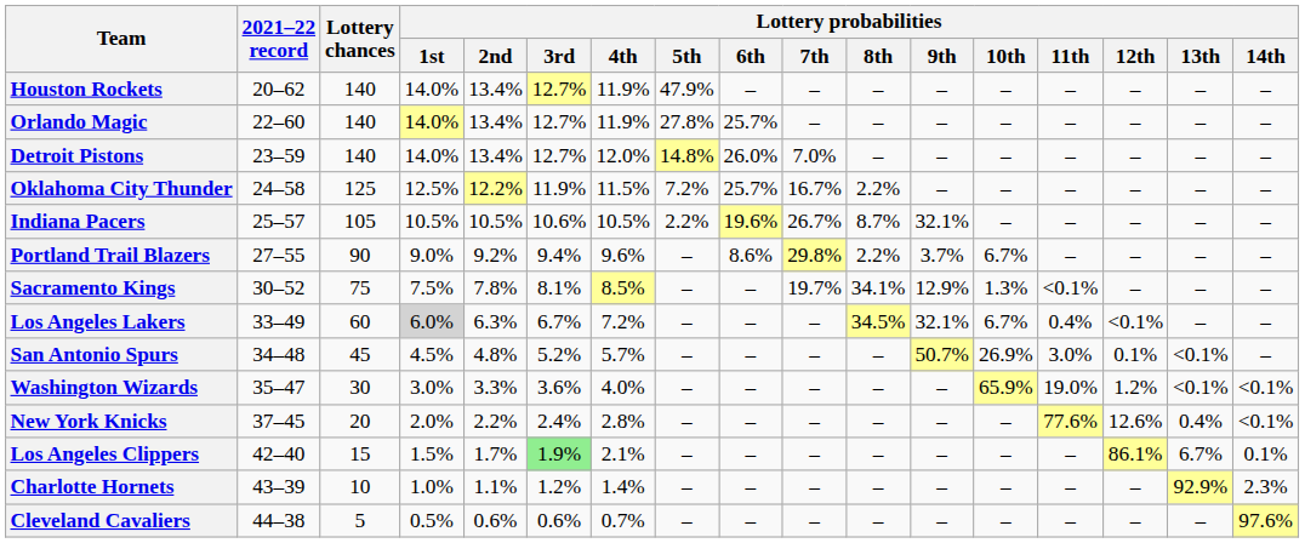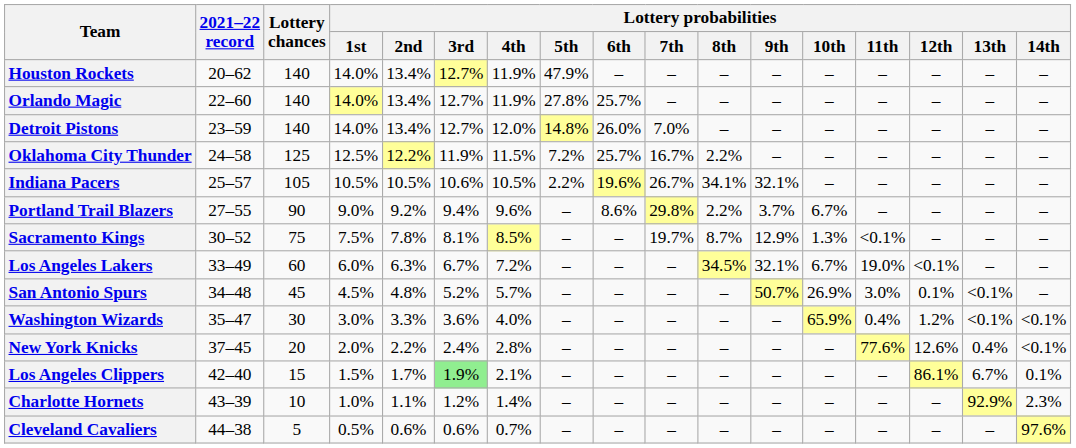 <table class="wikitable plainrowheaders" style="text-align:center">
 <tr>
 <th scope="col" rowspan="2">Team</th>
 <th scope="col" rowspan="2"><a href='#'>2021–22<br>record</a></th>
 <th scope="col" rowspan="2">Lottery<br>chances</th>
 <th scope="col" colspan="14">Lottery probabilities</th>
 </tr>
 <tr>
 <th>1st</th>
 <th>2nd</th>
 <th>3rd</th>
 <th>4th</th>
 <th>5th</th>
 <th>6th</th>
 <th>7th</th>
 <th>8th</th>
 <th>9th</th>
 <th>10th</th>
 <th>11th</th>
 <th>12th</th>
 <th>13th</th>
 <th>14th</th>
 </tr>
 <tr>
 <th scope="row" style="text-align:left;"><a href='#'>Houston Rockets</a></th>
 <td>20–62</td>
 <td>140</td>
 <td>14.0%</td>
 <td>13.4%</td>
 <td style="background:#ff9;">12.7%</td>
 <td>11.9%</td>
 <td>47.9%</td>
 <td>–</td>
 <td>–</td>
 <td>–</td>
 <td>–</td>
 <td>–</td>
 <td>–</td>
 <td>–</td>
 <td>–</td>
 <td>–</td>
 </tr>
 <tr>
 <th scope="row" style="text-align:left;"><a href='#'>Orlando Magic</a></th>
 <td>22–60</td>
 <td>140</td>
 <td style="background:#ff9;">14.0%</td>
 <td>13.4%</td>
 <td>12.7%</td>
 <td>11.9%</td>
 <td>27.8%</td>
 <td>25.7%</td>
 <td>–</td>
 <td>–</td>
 <td>–</td>
 <td>–</td>
 <td>–</td>
 <td>–</td>
 <td>–</td>
 <td>–</td>
 </tr>
 <tr>
 <th scope="row" style="text-align:left;"><a href='#'>Detroit Pistons</a></th>
 <td>23–59</td>
 <td>140</td>
 <td>14.0%</td>
 <td>13.4%</td>
 <td>12.7%</td>
 <td>12.0%</td>
 <td style="background:#ff9;">14.8%</td>
 <td>26.0%</td>
 <td>7.0%</td>
 <td>–</td>
 <td>–</td>
 <td>–</td>
 <td>–</td>
 <td>–</td>
 <td>–</td>
 <td>–</td>
 </tr>
 <tr>
 <th scope="row" style="text-align:left;"><a href='#'>Oklahoma City Thunder</a></th>
 <td>24–58</td>
 <td>125</td>
 <td>12.5%</td>
 <td style="background:#ff9;">12.2%</td>
 <td>11.9%</td>
 <td>11.5%</td>
 <td>7.2%</td>
 <td>25.7%</td>
 <td>16.7%</td>
 <td>2.2%</td>
 <td>–</td>
 <td>–</td>
 <td>–</td>
 <td>–</td>
 <td>–</td>
 <td>–</td>
 </tr>
 <tr>
 <th scope="row" style="text-align:left;"><a href='#'>Indiana Pacers</a></th>
 <td>25–57</td>
 <td>105</td>
 <td>10.5%</td>
 <td>10.5%</td>
 <td>10.6%</td>
 <td>10.5%</td>
 <td>2.2%</td>
 <td style="background:#ff9;">19.6%</td>
 <td>26.7%</td>
-<td>8.7%</td>
+<td>34.1%</td>
 <td>32.1%</td>
 <td>–</td>
 <td>–</td>
 <td>–</td>
 <td>–</td>
 <td>–</td>
 </tr>
 <tr>
 <th scope="row" style="text-align:left;"><a href='#'>Portland Trail Blazers</a></th>
 <td>27–55</td>
 <td>90</td>
 <td>9.0%</td>
 <td>9.2%</td>
 <td>9.4%</td>
 <td>9.6%</td>
 <td>–</td>
 <td>8.6%</td>
 <td style="background:#ff9;">29.8%</td>
 <td>2.2%</td>
 <td>3.7%</td>
 <td>6.7%</td>
 <td>–</td>
 <td>–</td>
 <td>–</td>
 <td>–</td>
 </tr>
 <tr>
 <th scope="row" style="text-align:left;"><a href='#'>Sacramento Kings</a></th>
 <td>30–52</td>
 <td>75</td>
 <td>7.5%</td>
 <td>7.8%</td>
 <td>8.1%</td>
 <td style="background:#ff9;">8.5%</td>
 <td>–</td>
 <td>–</td>
 <td>19.7%</td>
-<td>34.1%</td>
+<td>8.7%</td>
 <td>12.9%</td>
 <td>1.3%</td>
 <td><0.1%</td>
 <td>–</td>
 <td>–</td>
 <td>–</td>
 </tr>
 <tr>
 <th scope="row" style="text-align:left;"><a href='#'>Los Angeles Lakers</a> </th>
 <td>33–49</td>
 <td>60</td>
-<td style="background: lightgrey;">6.0%</td>
+<td>6.0%</td>
 <td>6.3%</td>
 <td>6.7%</td>
 <td>7.2%</td>
 <td>–</td>
 <td>–</td>
 <td>–</td>
 <td style="background:#ff9;">34.5%</td>
 <td>32.1%</td>
 <td>6.7%</td>
-<td>0.4%</td>
+<td>19.0%</td>
 <td><0.1%</td>
 <td>–</td>
 <td>–</td>
 </tr>
 <tr>
 <th scope="row" style="text-align:left;"><a href='#'>San Antonio Spurs</a></th>
 <td>34–48</td>
 <td>45</td>
 <td>4.5%</td>
 <td>4.8%</td>
 <td>5.2%</td>
 <td>5.7%</td>
 <td>–</td>
 <td>–</td>
 <td>–</td>
 <td>–</td>
 <td style="background:#ff9;">50.7%</td>
 <td>26.9%</td>
 <td>3.0%</td>
 <td>0.1%</td>
 <td><0.1%</td>
 <td>–</td>
 </tr>
 <tr>
 <th scope="row" style="text-align:left;"><a href='#'>Washington Wizards</a></th>
 <td>35–47</td>
 <td>30</td>
 <td>3.0%</td>
 <td>3.3%</td>
 <td>3.6%</td>
 <td>4.0%</td>
 <td>–</td>
 <td>–</td>
 <td>–</td>
 <td>–</td>
 <td>–</td>
 <td style="background:#ff9;">65.9%</td>
-<td>19.0%</td>
+<td>0.4%</td>
 <td>1.2%</td>
 <td><0.1%</td>
 <td><0.1%</td>
 </tr>
 <tr>
 <th scope="row" style="text-align:left;"><a href='#'>New York Knicks</a></th>
 <td>37–45</td>
 <td>20</td>
 <td>2.0%</td>
 <td>2.2%</td>
 <td>2.4%</td>
 <td>2.8%</td>
 <td>–</td>
 <td>–</td>
 <td>–</td>
 <td>–</td>
 <td>–</td>
 <td>–</td>
 <td style="background:#ff9;">77.6%</td>
 <td>12.6%</td>
 <td>0.4%</td>
 <td><0.1%</td>
 </tr>
 <tr>
 <th scope="row" style="text-align:left;"><a href='#'>Los Angeles Clippers</a> </th>
 <td>42–40</td>
 <td>15</td>
 <td>1.5%</td>
 <td>1.7%</td>
 <td style="background: lightgreen;">1.9%</td>
 <td>2.1%</td>
 <td>–</td>
 <td>–</td>
 <td>–</td>
 <td>–</td>
 <td>–</td>
 <td>–</td>
 <td>–</td>
 <td style="background:#ff9;">86.1%</td>
 <td>6.7%</td>
 <td>0.1%</td>
 </tr>
 <tr>
 <th scope="row" style="text-align:left;"><a href='#'>Charlotte Hornets</a></th>
 <td>43–39</td>
 <td>10</td>
 <td>1.0%</td>
 <td>1.1%</td>
 <td>1.2%</td>
 <td>1.4%</td>
 <td>–</td>
 <td>–</td>
 <td>–</td>
 <td>–</td>
 <td>–</td>
 <td>–</td>
 <td>–</td>
 <td>–</td>
 <td style="background:#ff9;">92.9%</td>
 <td>2.3%</td>
 </tr>
 <tr>
 <th scope="row" style="text-align:left;"><a href='#'>Cleveland Cavaliers</a></th>
 <td>44–38</td>
 <td>5</td>
 <td>0.5%</td>
 <td>0.6%</td>
 <td>0.6%</td>
 <td>0.7%</td>
 <td>–</td>
 <td>–</td>
 <td>–</td>
 <td>–</td>
 <td>–</td>
 <td>–</td>
 <td>–</td>
 <td>–</td>
 <td>–</td>
 <td style="background:#ff9;">97.6%</td>
 </tr>
 </table>
